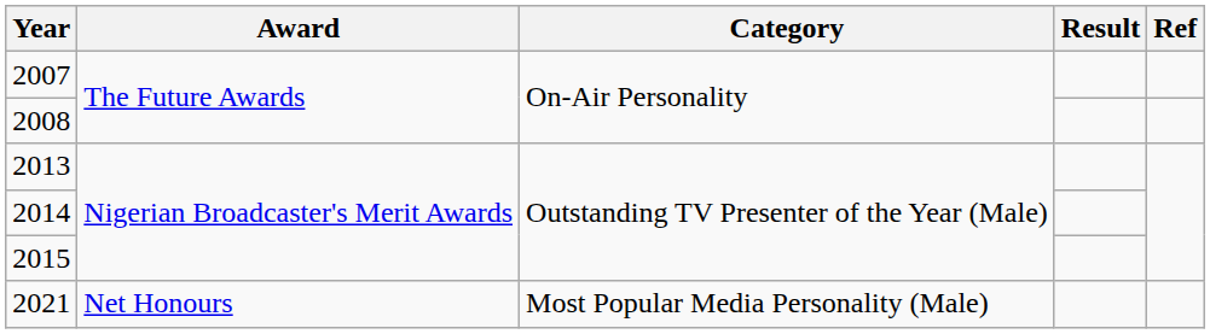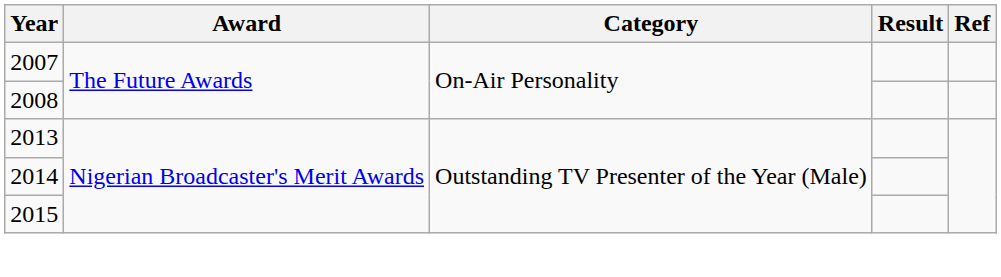 <table class="wikitable">
 <tr>
 <th>Year</th>
 <th>Award</th>
 <th>Category</th>
 <th>Result</th>
 <th>Ref</th>
 </tr>
 <tr>
 <td>2007</td>
 <td rowspan="2"><a href='#'>The Future Awards</a></td>
 <td rowspan="2">On-Air Personality</td>
 <td></td>
 <td></td>
 </tr>
 <tr>
 <td>2008</td>
 <td></td>
 <td></td>
 </tr>
 <tr>
 <td>2013</td>
 <td rowspan="3"><a href='#'>Nigerian Broadcaster's Merit Awards</a></td>
 <td rowspan="3">Outstanding TV Presenter of the Year (Male)</td>
 <td></td>
 <td rowspan="3"></td>
 </tr>
 <tr>
 <td>2014</td>
 <td></td>
 </tr>
 <tr>
 <td>2015</td>
 <td></td>
 </tr>
-<tr>
-<td>2021</td>
-<td><a href='#'>Net Honours</a></td>
-<td>Most Popular Media Personality (Male)</td>
-<td></td>
-<td></td>
-</tr>
 </table>
